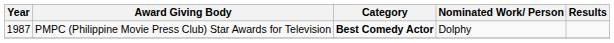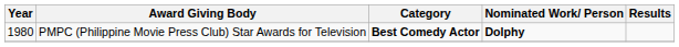 <table class="wikitable">
 <tr>
 <th>Year</th>
 <th>Award Giving Body</th>
 <th>Category</th>
 <th>Nominated Work/ Person</th>
 <th>Results</th>
 </tr>
 <tr>
-<td>1987</td>
+<td>1980</td>
 <td>PMPC (Philippine Movie Press Club) Star Awards for Television</td>
 <td><strong>Best Comedy Actor</strong></td>
-<td>Dolphy</td>
+<td><strong>Dolphy</strong></td>
 <td></td>
 </tr>
 <tr>
 </tr>
 </table>
